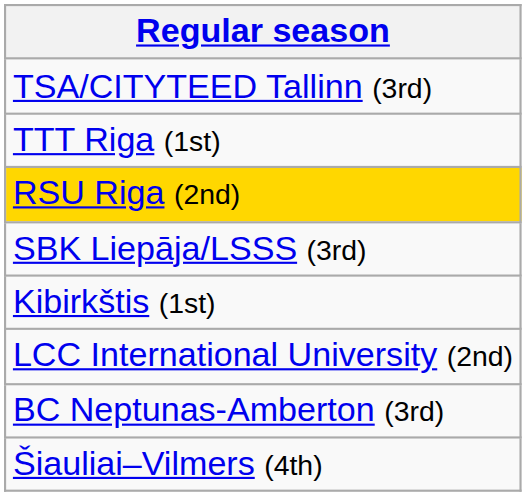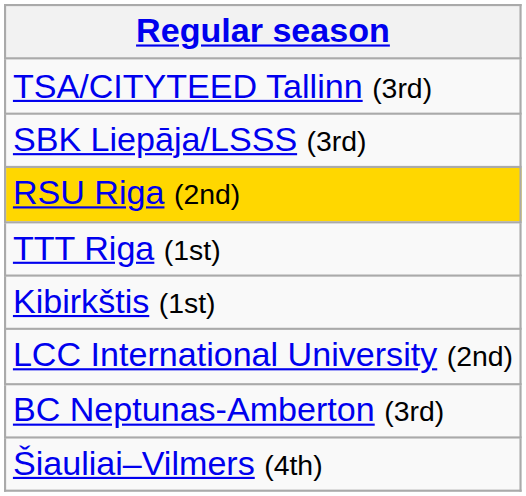 <table class="wikitable" style="white-space: nowrap;">
 <tr>
 <th colspan=1><a href='#'>Regular season</a></th>
 </tr>
 <tr>
 <td width=170> <a href='#'>TSA/CITYTEED Tallinn</a> <small>(3rd)</small></td>
 </tr>
 <tr>
-<td width=170> <a href='#'>TTT Riga</a> <small>(1st)</small></td>
+<td width=170> <a href='#'>SBK Liepāja/LSSS</a> <small>(3rd)</small></td>
 </tr>
 <tr>
 <td width=170 style="background: gold;"> <a href='#'>RSU Riga</a> <small>(2nd)</small></td>
 </tr>
 <tr>
-<td width=170> <a href='#'>SBK Liepāja/LSSS</a> <small>(3rd)</small></td>
+<td width=170> <a href='#'>TTT Riga</a> <small>(1st)</small></td>
 </tr>
 <tr>
 <td width=170> <a href='#'>Kibirkštis</a> <small>(1st)</small></td>
 </tr>
 <tr>
 <td width=170> <a href='#'>LCC International University</a> <small>(2nd)</small></td>
 </tr>
 <tr>
 <td width=170> <a href='#'>BC Neptunas-Amberton</a> <small>(3rd)</small></td>
 </tr>
 <tr>
 <td width=170> <a href='#'>Šiauliai–Vilmers</a> <small>(4th)</small></td>
 </tr>
 </table>
